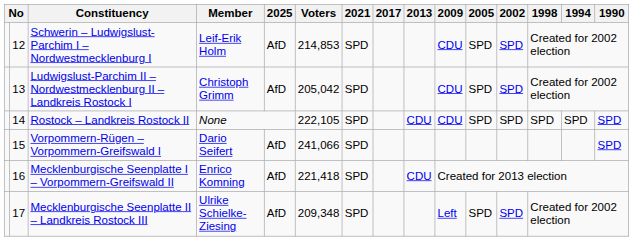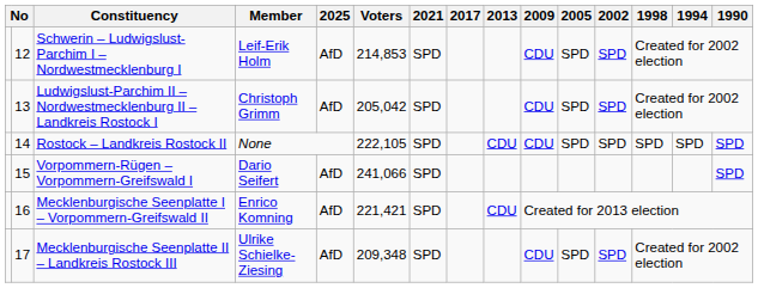 <table class="wikitable sortable">
 <tr>
 <th colspan=2>No</th>
 <th>Constituency</th>
 <th>Member</th>
 <th>2025</th>
 <th>Voters</th>
 <th>2021</th>
 <th>2017</th>
 <th>2013</th>
 <th>2009</th>
 <th>2005</th>
 <th>2002</th>
 <th>1998</th>
 <th>1994</th>
 <th>1990</th>
 </tr>
 <tr>
 <td style="background-color: "></td>
 <td>12</td>
 <td><a href='#'>Schwerin – Ludwigslust-Parchim I – Nordwestmecklenburg I</a></td>
 <td><a href='#'>Leif-Erik Holm</a></td>
 <td bgcolor=>AfD</td>
 <td>214,853</td>
 <td bgcolor=>SPD</td>
 <td></td>
 <td></td>
 <td><a href='#'>CDU</a></td>
 <td bgcolor=>SPD</td>
 <td><a href='#'>SPD</a></td>
 <td colspan=3>Created for 2002 election</td>
 </tr>
 <tr>
 <td style="background-color: "></td>
 <td>13</td>
 <td><a href='#'>Ludwigslust-Parchim II – Nordwestmecklenburg II – Landkreis Rostock I</a></td>
 <td><a href='#'>Christoph Grimm</a></td>
 <td bgcolor=>AfD</td>
 <td>205,042</td>
 <td bgcolor=>SPD</td>
 <td></td>
 <td></td>
 <td><a href='#'>CDU</a></td>
 <td bgcolor=>SPD</td>
 <td><a href='#'>SPD</a></td>
 <td colspan=3>Created for 2002 election</td>
 </tr>
 <tr>
 <td></td>
 <td>14</td>
 <td><a href='#'>Rostock – Landkreis Rostock II</a></td>
 <td colspan="2"><em>None</em></td>
 <td>222,105</td>
 <td bgcolor=>SPD</td>
 <td></td>
 <td><a href='#'>CDU</a></td>
 <td><a href='#'>CDU</a></td>
 <td bgcolor=>SPD</td>
 <td bgcolor=>SPD</td>
 <td bgcolor=>SPD</td>
 <td bgcolor=>SPD</td>
 <td><a href='#'>SPD</a></td>
 </tr>
 <tr>
 <td style="background-color: "></td>
 <td>15</td>
 <td><a href='#'>Vorpommern-Rügen – Vorpommern-Greifswald I</a></td>
 <td><a href='#'>Dario Seifert</a></td>
 <td>AfD</td>
 <td>241,066</td>
 <td bgcolor=>SPD</td>
 <td></td>
 <td></td>
 <td></td>
 <td bgcolor=></td>
 <td bgcolor=></td>
 <td bgcolor=></td>
 <td></td>
 <td><a href='#'>SPD</a></td>
 </tr>
 <tr>
 <td style="background-color: "></td>
 <td>16</td>
 <td><a href='#'>Mecklenburgische Seenplatte I – Vorpommern-Greifswald II</a></td>
 <td><a href='#'>Enrico Komning</a></td>
 <td>AfD</td>
-<td>221,418</td>
+<td>221,421</td>
 <td bgcolor=>SPD</td>
 <td></td>
 <td><a href='#'>CDU</a></td>
 <td colspan=6>Created for 2013 election</td>
 </tr>
 <tr>
 <td style="background-color: "></td>
 <td>17</td>
 <td><a href='#'>Mecklenburgische Seenplatte II – Landkreis Rostock III</a></td>
 <td><a href='#'>Ulrike Schielke-Ziesing</a></td>
 <td bgcolor=>AfD</td>
 <td>209,348</td>
 <td bgcolor=>SPD</td>
 <td></td>
 <td></td>
-<td><a href='#'>Left</a></td>
+<td><a href='#'>CDU</a></td>
 <td bgcolor=>SPD</td>
 <td><a href='#'>SPD</a></td>
 <td colspan=3>Created for 2002 election</td>
 </tr>
 </table>
